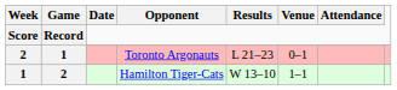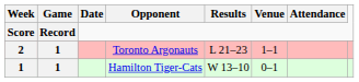 <table class="wikitable" style="text-align:center">
 <tr>
 <th>Week</th>
 <th>Game</th>
 <th>Date</th>
 <th>Opponent</th>
 <th>Results</th>
 <th>Venue</th>
 <th>Attendance</th>
 </tr>
 <tr>
 <th>Score</th>
 <th>Record</th>
 </tr>
 <tr style="background:#ffbbbb">
 <th>2</th>
 <th>1</th>
 <td></td>
 <td><a href='#'>Toronto Argonauts</a></td>
 <td>L 21–23</td>
-<td>0–1</td>
+<td>1–1</td>
 <td></td>
 <td></td>
 </tr>
 <tr style="background:#ddffdd">
 <th>1</th>
-<th>2</th>
+<th>1</th>
 <td></td>
 <td><a href='#'>Hamilton Tiger-Cats</a></td>
 <td>W 13–10</td>
-<td>1–1</td>
+<td>0–1</td>
 <td></td>
 <td></td>
 </tr>
 </table>
